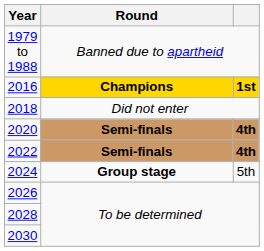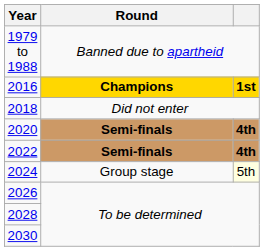 <table class="wikitable" style="text-align: center; font-size:90%">
 <tr>
 <th>Year</th>
 <th style="width:200px">Round</th>
 <th></th>
 </tr>
 <tr>
 <td><a href='#'>1979</a><br>to<br><a href='#'>1988</a></td>
 <td colspan="2"><em>Banned due to <a href='#'>apartheid</a></em></td>
 </tr>
 <tr>
 <td><a href='#'>2016</a></td>
 <td bgcolor=Gold><strong>Champions</strong></td>
 <td bgcolor=Gold><strong>1st</strong></td>
 </tr>
 <tr>
 <td><a href='#'>2018</a></td>
 <td colspan="2"><em>Did not enter</em></td>
 </tr>
 <tr>
 <td><a href='#'>2020</a></td>
 <td bgcolor="cc9966"><strong>Semi-finals</strong></td>
 <td bgcolor="cc9966"><strong>4th</strong></td>
 </tr>
 <tr>
 <td><a href='#'>2022</a></td>
 <td bgcolor="cc9966"><strong>Semi-finals</strong></td>
 <td bgcolor="cc9966"><strong>4th</strong></td>
 </tr>
 <tr>
 <td><a href='#'>2024</a></td>
-<td><strong>Group stage</strong></td>
-<td>5th</td>
+<td>Group stage</td>
+<td style="background: lightyellow;">5th</td>
 </tr>
 <tr>
 <td><a href='#'>2026</a></td>
 <td colspan="2" rowspan="3"><em>To be determined</em></td>
 </tr>
 <tr>
 <td><a href='#'>2028</a></td>
 </tr>
 <tr>
 <td><a href='#'>2030</a></td>
 </tr>
 </table>
